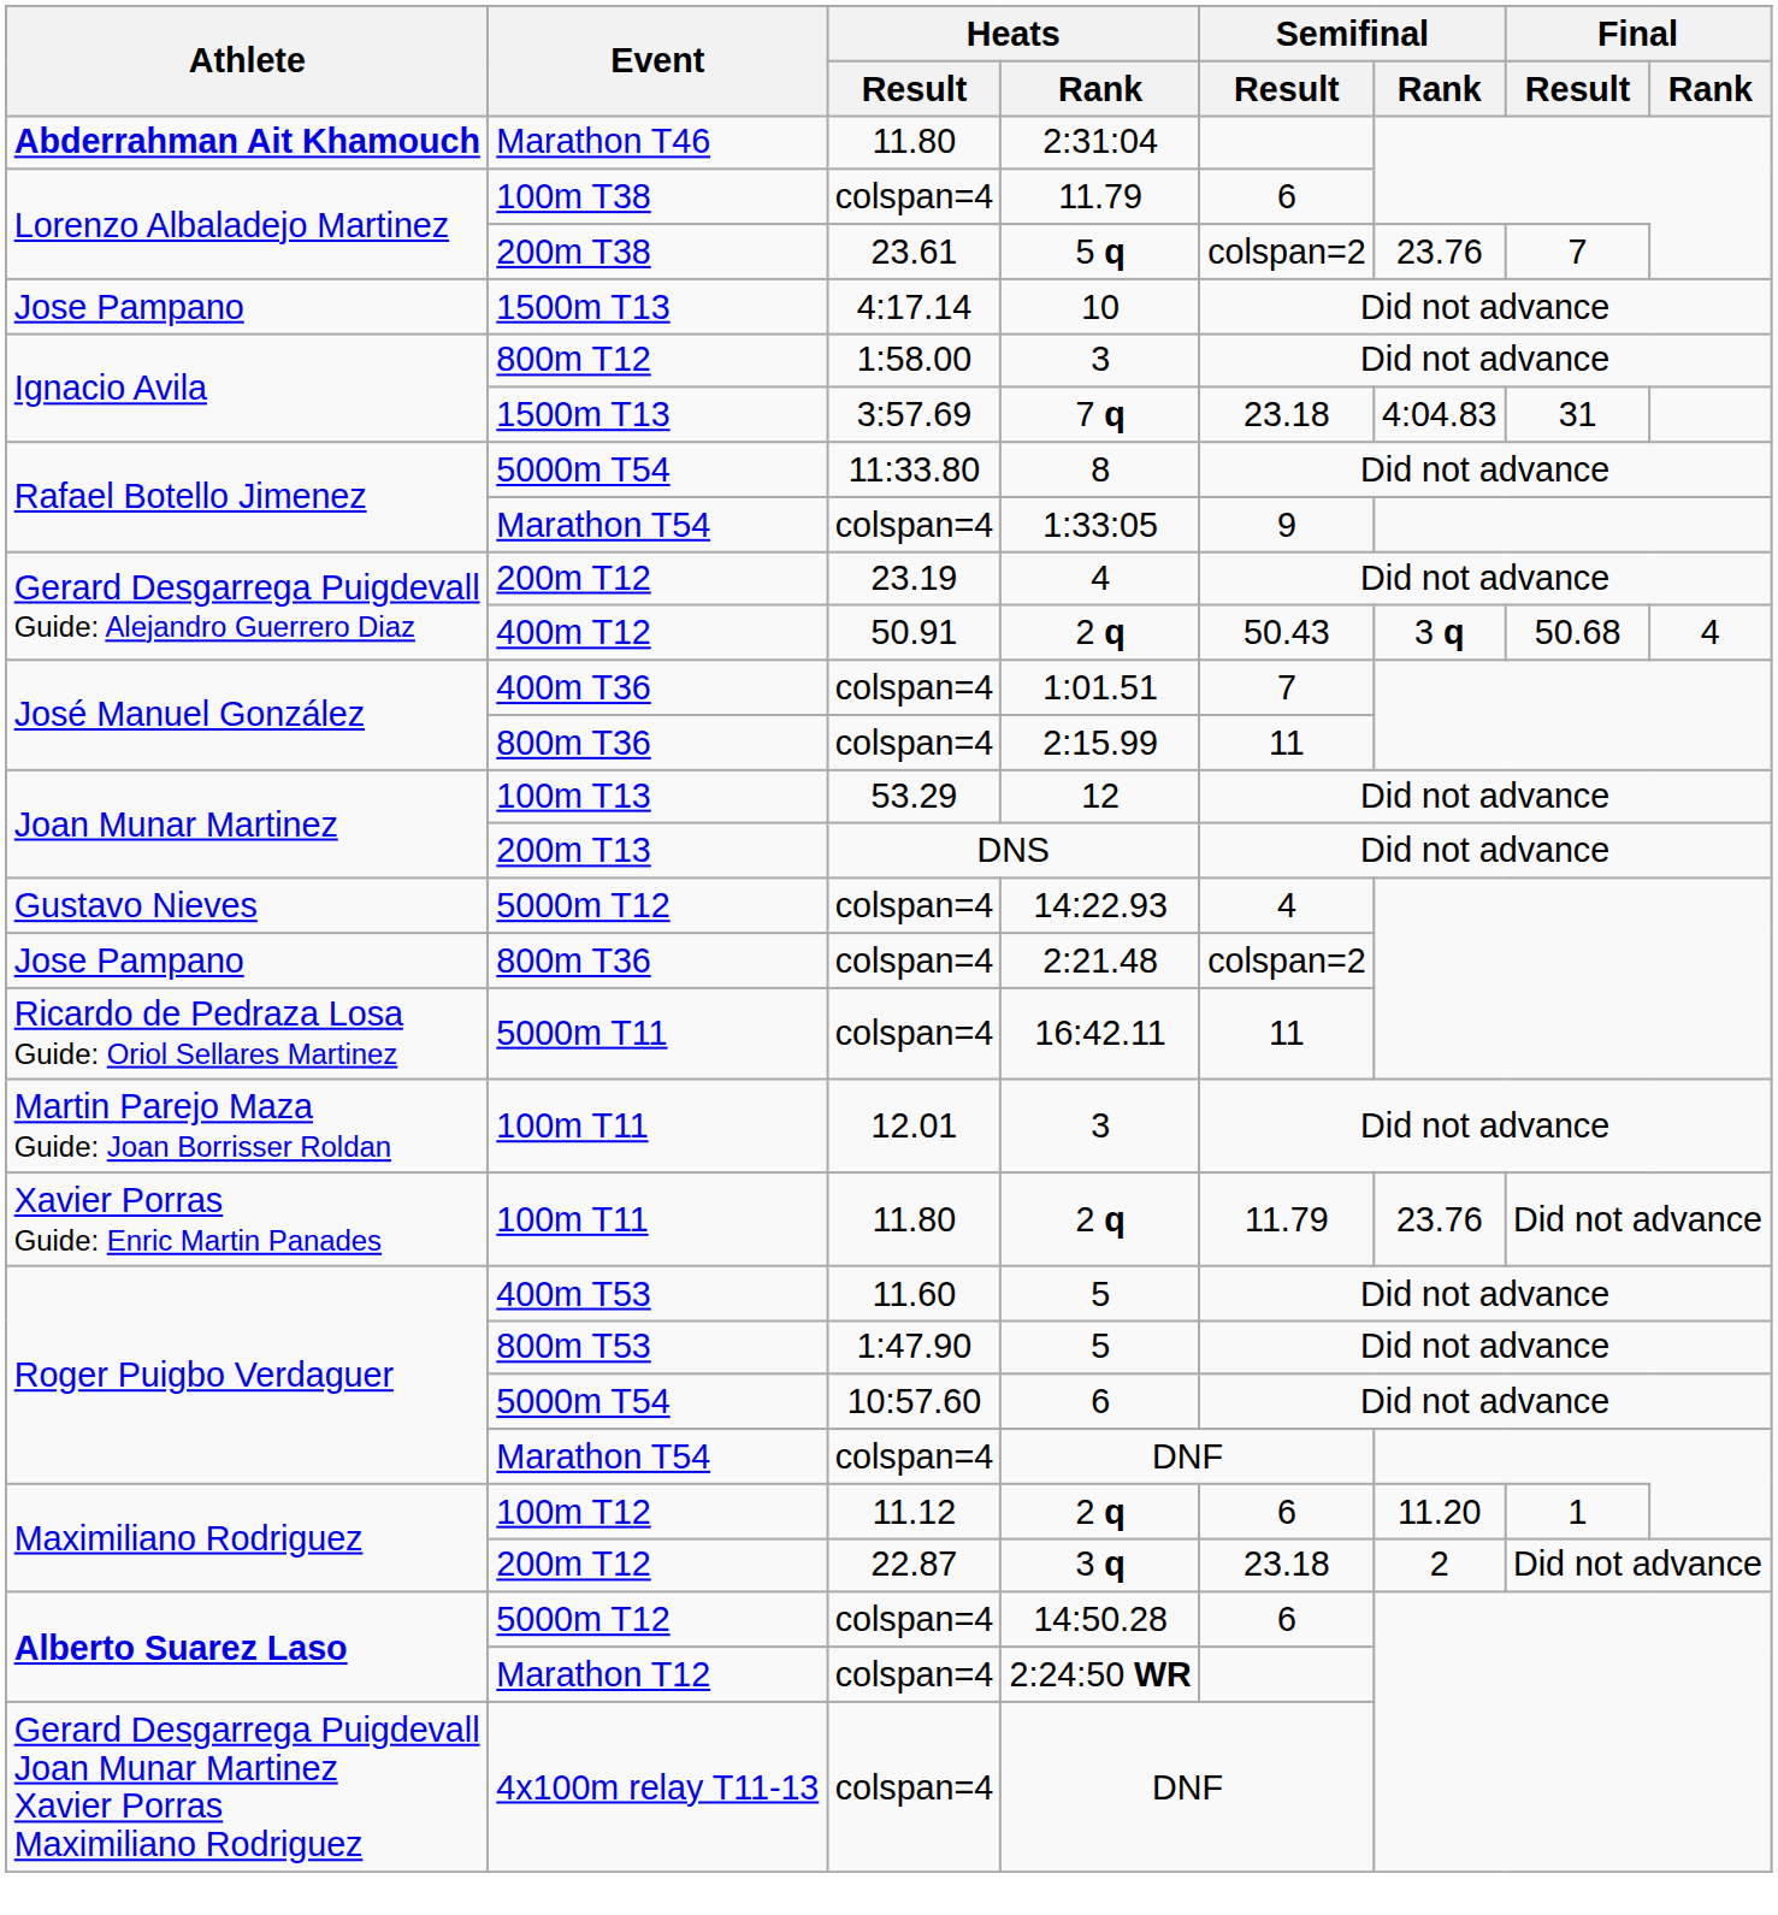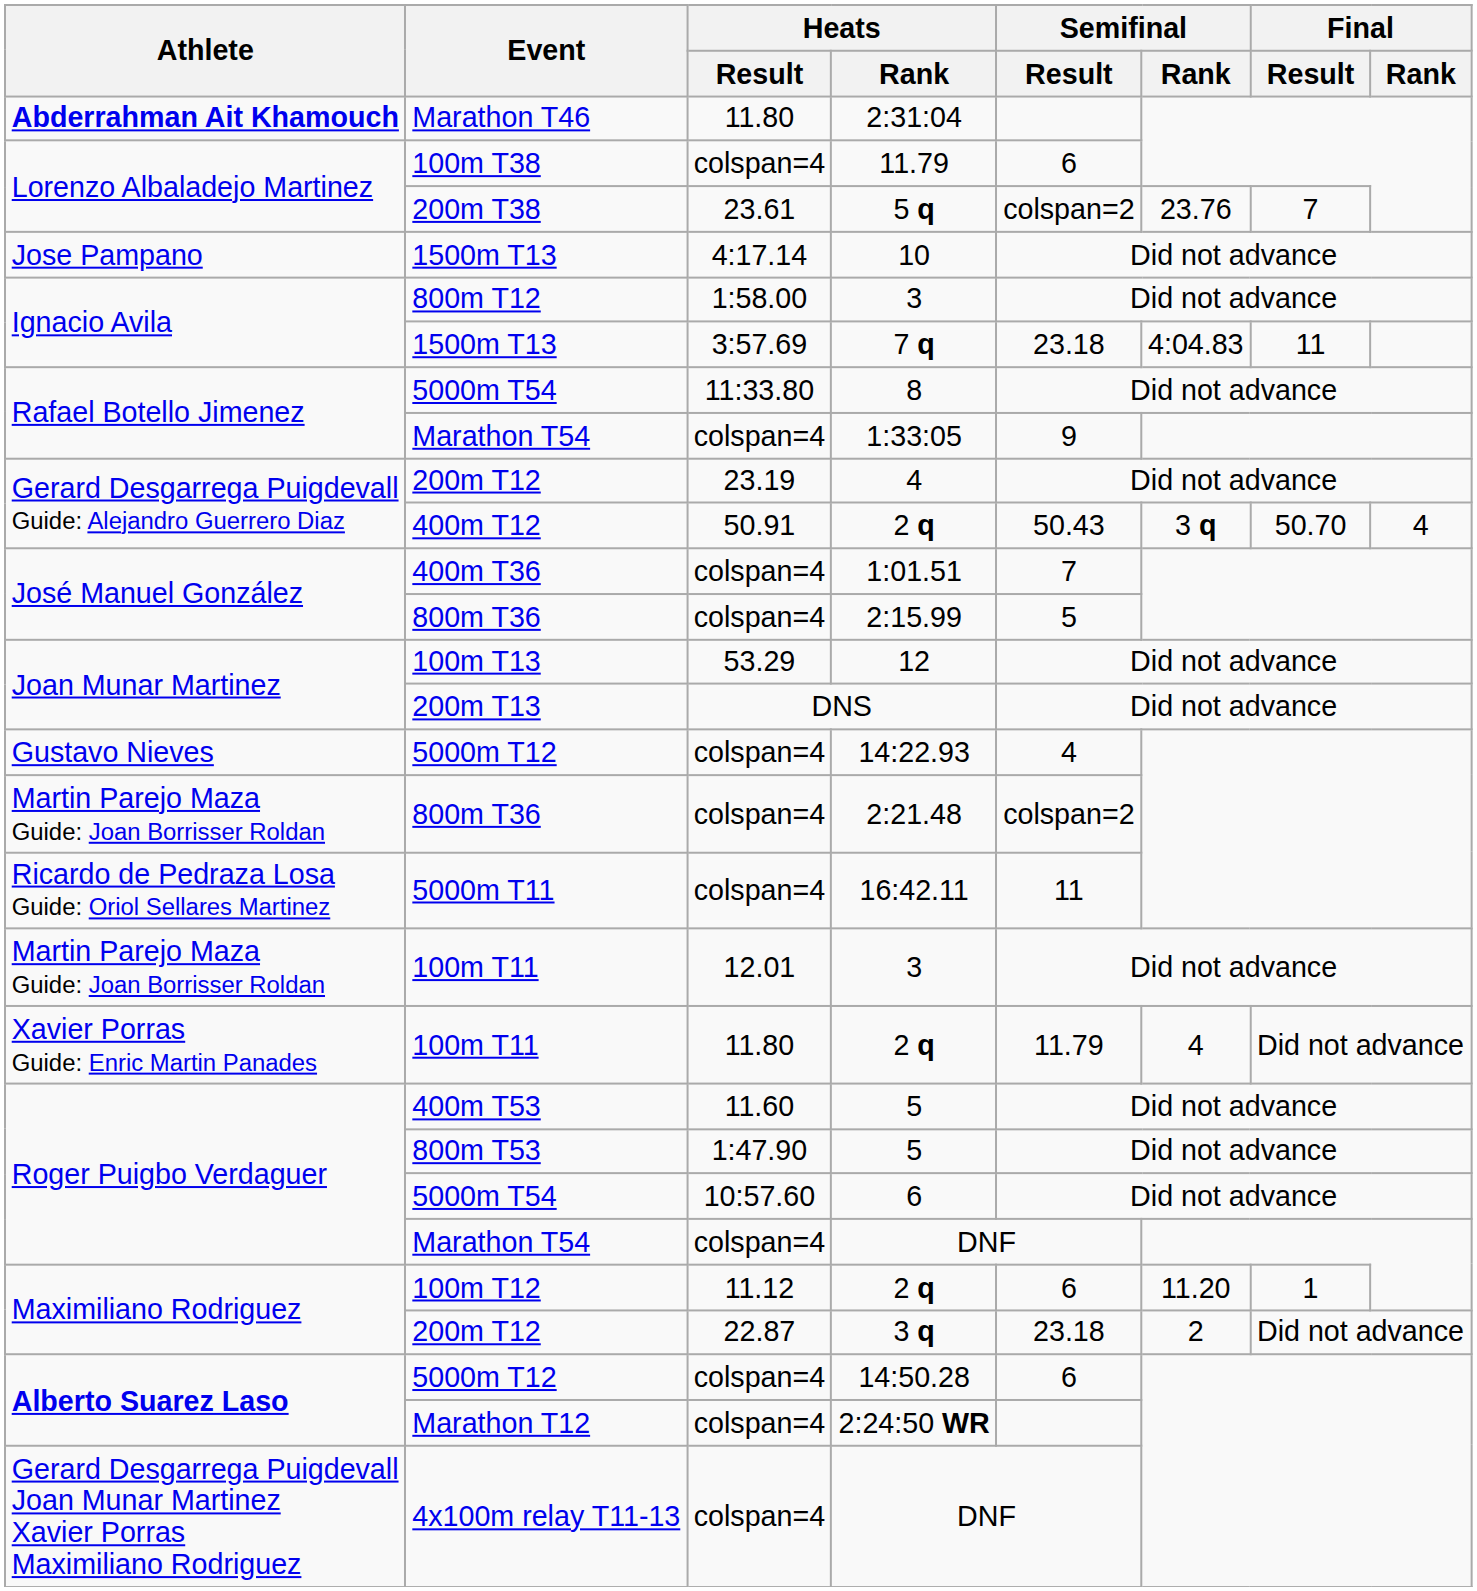 <table class=wikitable style="font-size:90%">
 <tr>
 <th rowspan="2">Athlete</th>
 <th rowspan="2">Event</th>
 <th colspan="2">Heats</th>
 <th colspan="2">Semifinal</th>
 <th colspan="2">Final</th>
 </tr>
 <tr>
 <th>Result</th>
 <th>Rank</th>
 <th>Result</th>
 <th>Rank</th>
 <th>Result</th>
 <th>Rank</th>
 </tr>
 <tr align=center>
 <td align=left><strong><a href='#'>Abderrahman Ait Khamouch</a></strong></td>
 <td align=left><a href='#'>Marathon T46</a></td>
 <td>11.80</td>
 <td>2:31:04</td>
 <td></td>
 </tr>
 <tr align=center>
 <td align=left rowspan=2><a href='#'>Lorenzo Albaladejo Martinez</a></td>
 <td align=left><a href='#'>100m T38</a></td>
 <td>colspan=4 </td>
 <td>11.79</td>
 <td>6</td>
 </tr>
 <tr align=center>
 <td align=left><a href='#'>200m T38</a></td>
 <td>23.61</td>
 <td>5 <strong>q</strong></td>
 <td>colspan=2 </td>
 <td>23.76</td>
 <td>7</td>
 </tr>
 <tr align=center>
 <td align=left><a href='#'>Jose Pampano</a></td>
 <td align=left><a href='#'>1500m T13</a></td>
 <td>4:17.14</td>
 <td>10</td>
 <td colspan=4>Did not advance</td>
 </tr>
 <tr align=center>
 <td align=left rowspan=2><a href='#'>Ignacio Avila</a></td>
 <td align=left><a href='#'>800m T12</a></td>
 <td>1:58.00</td>
 <td>3</td>
 <td colspan=4>Did not advance</td>
 </tr>
 <tr align=center>
 <td align=left><a href='#'>1500m T13</a></td>
 <td>3:57.69</td>
 <td>7 <strong>q</strong></td>
 <td>23.18</td>
 <td>4:04.83</td>
-<td>31</td>
+<td>11</td>
 </tr>
 <tr align=center>
 <td align=left rowspan=2><a href='#'>Rafael Botello Jimenez</a></td>
 <td align=left><a href='#'>5000m T54</a></td>
 <td>11:33.80</td>
 <td>8</td>
 <td colspan=4>Did not advance</td>
 </tr>
 <tr align=center>
 <td align=left><a href='#'>Marathon T54</a></td>
 <td>colspan=4 </td>
 <td>1:33:05</td>
 <td>9</td>
 </tr>
 <tr align=center>
 <td align=left rowspan=2><a href='#'>Gerard Desgarrega Puigdevall</a><br><small>Guide: <a href='#'>Alejandro Guerrero Diaz</a></small></td>
 <td align=left><a href='#'>200m T12</a></td>
 <td>23.19</td>
 <td>4</td>
 <td colspan=4>Did not advance</td>
 </tr>
 <tr align=center>
 <td align=left><a href='#'>400m T12</a></td>
 <td>50.91</td>
 <td>2 <strong>q</strong></td>
 <td>50.43</td>
 <td>3 <strong>q</strong></td>
-<td>50.68</td>
+<td>50.70</td>
 <td>4</td>
 </tr>
 <tr align=center>
 <td align=left rowspan=2><a href='#'>José Manuel González</a></td>
 <td align=left><a href='#'>400m T36</a></td>
 <td>colspan=4 </td>
 <td>1:01.51</td>
 <td>7</td>
 </tr>
 <tr align=center>
 <td align=left><a href='#'>800m T36</a></td>
 <td>colspan=4 </td>
 <td>2:15.99</td>
-<td>11</td>
+<td>5</td>
 </tr>
 <tr align=center>
 <td align=left rowspan=2><a href='#'>Joan Munar Martinez</a></td>
 <td align=left><a href='#'>100m T13</a></td>
 <td>53.29</td>
 <td>12</td>
 <td colspan=4>Did not advance</td>
 </tr>
 <tr align=center>
 <td align=left><a href='#'>200m T13</a></td>
 <td colspan=2>DNS</td>
 <td colspan=4>Did not advance</td>
 </tr>
 <tr align=center>
 <td align=left><a href='#'>Gustavo Nieves</a></td>
 <td align=left><a href='#'>5000m T12</a></td>
 <td>colspan=4 </td>
 <td>14:22.93</td>
 <td>4</td>
 </tr>
 <tr align=center>
-<td align=left><a href='#'>Jose Pampano</a></td>
+<td align=left><a href='#'>Martin Parejo Maza</a><br><small>Guide: <a href='#'>Joan Borrisser Roldan</a></small></td>
 <td align=left><a href='#'>800m T36</a></td>
 <td>colspan=4 </td>
 <td>2:21.48</td>
 <td>colspan=2 </td>
 </tr>
 <tr align=center>
 <td align=left><a href='#'>Ricardo de Pedraza Losa</a><br><small>Guide: <a href='#'>Oriol Sellares Martinez</a></small></td>
 <td align=left><a href='#'>5000m T11</a></td>
 <td>colspan=4 </td>
 <td>16:42.11</td>
 <td>11</td>
 </tr>
 <tr align=center>
 <td align=left><a href='#'>Martin Parejo Maza</a><br><small>Guide: <a href='#'>Joan Borrisser Roldan</a></small></td>
 <td align=left><a href='#'>100m T11</a></td>
 <td>12.01</td>
 <td>3</td>
 <td colspan=4>Did not advance</td>
 </tr>
 <tr align=center>
 <td align=left><a href='#'>Xavier Porras</a><br><small>Guide: <a href='#'>Enric Martin Panades</a></small></td>
 <td align=left><a href='#'>100m T11</a></td>
 <td>11.80</td>
 <td>2 <strong>q</strong></td>
 <td>11.79</td>
-<td>23.76</td>
+<td>4</td>
 <td colspan=2>Did not advance</td>
 </tr>
 <tr align=center>
 <td align=left rowspan=4><a href='#'>Roger Puigbo Verdaguer</a></td>
 <td align=left><a href='#'>400m T53</a></td>
 <td>11.60</td>
 <td>5</td>
 <td colspan=4>Did not advance</td>
 </tr>
 <tr align=center>
 <td align=left><a href='#'>800m T53</a></td>
 <td>1:47.90</td>
 <td>5</td>
 <td colspan=4>Did not advance</td>
 </tr>
 <tr align=center>
 <td align=left><a href='#'>5000m T54</a></td>
 <td>10:57.60</td>
 <td>6</td>
 <td colspan=4>Did not advance</td>
 </tr>
 <tr align=center>
 <td align=left><a href='#'>Marathon T54</a></td>
 <td>colspan=4 </td>
 <td colspan=2>DNF</td>
 </tr>
 <tr align=center>
 <td align=left rowspan=2><a href='#'>Maximiliano Rodriguez</a></td>
 <td align=left><a href='#'>100m T12</a></td>
 <td>11.12</td>
 <td>2 <strong>q</strong></td>
 <td>6</td>
 <td>11.20</td>
 <td>1</td>
 </tr>
 <tr align=center>
 <td align=left><a href='#'>200m T12</a></td>
 <td>22.87</td>
 <td>3 <strong>q</strong></td>
 <td>23.18</td>
 <td>2</td>
 <td colspan=2>Did not advance</td>
 </tr>
 <tr align=center>
 <td align=left rowspan=2><strong><a href='#'>Alberto Suarez Laso</a></strong></td>
 <td align=left><a href='#'>5000m T12</a></td>
 <td>colspan=4 </td>
 <td>14:50.28</td>
 <td>6</td>
 </tr>
 <tr align=center>
 <td align=left><a href='#'>Marathon T12</a></td>
 <td>colspan=4 </td>
 <td>2:24:50 <strong>WR</strong></td>
 <td></td>
 </tr>
 <tr align=center>
 <td align=left><a href='#'>Gerard Desgarrega Puigdevall</a><br><a href='#'>Joan Munar Martinez</a><br><a href='#'>Xavier Porras</a><br><a href='#'>Maximiliano Rodriguez</a></td>
 <td align=left><a href='#'>4x100m relay T11-13</a></td>
 <td>colspan=4 </td>
 <td colspan=2>DNF</td>
 </tr>
 </table>
